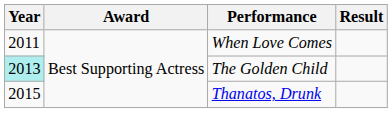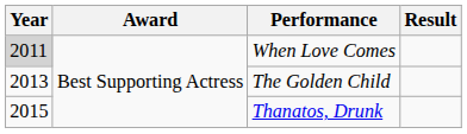 <table class="wikitable">
 <tr>
 <th>Year</th>
 <th>Award</th>
 <th>Performance</th>
 <th>Result</th>
 </tr>
 <tr>
-<td>2011</td>
+<td style="background: lightgrey;">2011</td>
 <td rowspan=3>Best Supporting Actress</td>
 <td><em>When Love Comes</em></td>
 <td></td>
 </tr>
 <tr>
-<td style="background: paleturquoise;">2013</td>
+<td>2013</td>
 <td><em>The Golden Child</em></td>
 <td></td>
 </tr>
 <tr>
 <td>2015</td>
 <td><em><a href='#'>Thanatos, Drunk</a></em></td>
 <td></td>
 </tr>
 </table>
